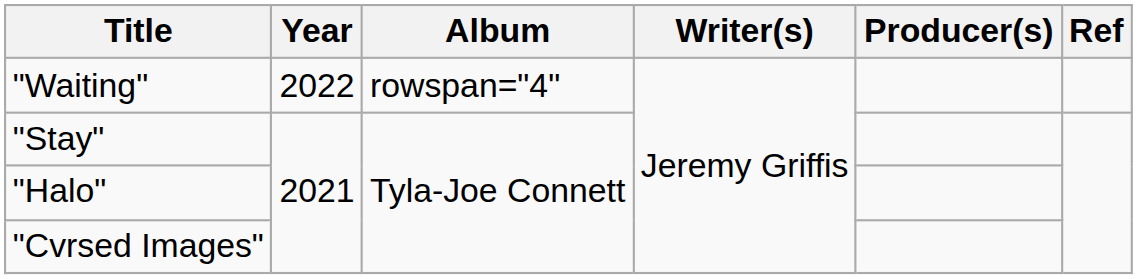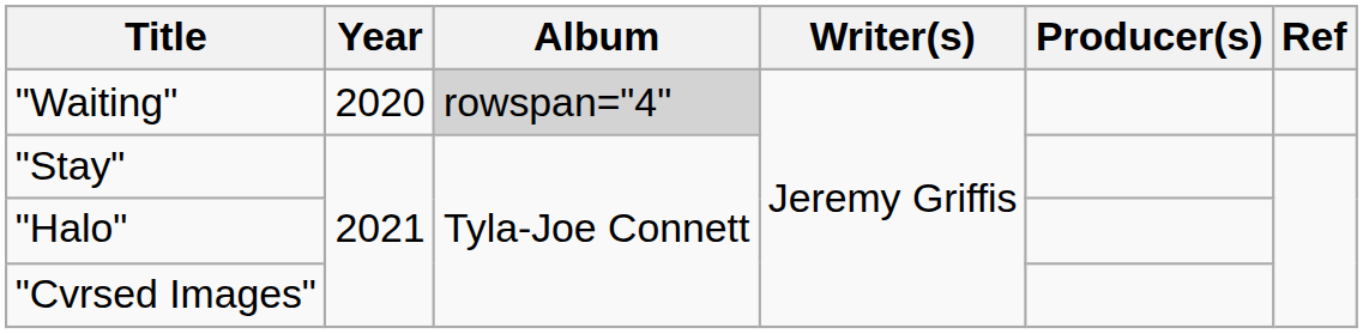 <table class="wikitable">
 <tr>
 <th>Title</th>
 <th>Year</th>
 <th>Album</th>
 <th>Writer(s)</th>
 <th>Producer(s)</th>
 <th>Ref</th>
 </tr>
 <tr>
 <td>"Waiting"</td>
-<td>2022</td>
-<td>rowspan="4"</td>
+<td>2020</td>
+<td style="background: lightgrey;">rowspan="4"</td>
 <td rowspan="4">Jeremy Griffis</td>
 <td></td>
 <td></td>
 </tr>
 <tr>
 <td>"Stay"</td>
 <td rowspan="3">2021</td>
 <td rowspan="3">Tyla-Joe Connett</td>
 <td></td>
 </tr>
 <tr>
 <td>"Halo"</td>
 <td></td>
 </tr>
 <tr>
 <td>"Cvrsed Images"</td>
 <td></td>
 </tr>
 </table>
